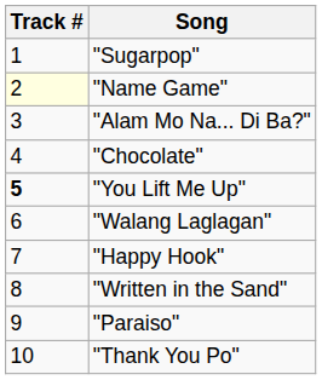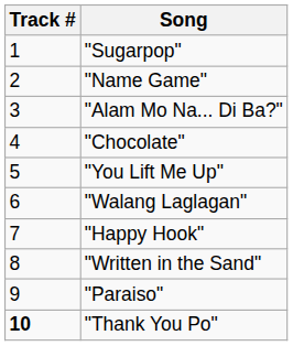 <table class="wikitable">
 <tr>
 <th>Track #</th>
 <th>Song</th>
 </tr>
 <tr>
 <td>1</td>
 <td>"Sugarpop"</td>
 </tr>
 <tr>
-<td style="background: lightyellow;">2</td>
+<td>2</td>
 <td>"Name Game"</td>
 </tr>
 <tr>
 <td>3</td>
 <td>"Alam Mo Na... Di Ba?"</td>
 </tr>
 <tr>
 <td>4</td>
 <td>"Chocolate"</td>
 </tr>
 <tr>
-<td><strong>5</strong></td>
+<td>5</td>
 <td>"You Lift Me Up"</td>
 </tr>
 <tr>
 <td>6</td>
 <td>"Walang Laglagan"</td>
 </tr>
 <tr>
 <td>7</td>
 <td>"Happy Hook"</td>
 </tr>
 <tr>
 <td>8</td>
 <td>"Written in the Sand"</td>
 </tr>
 <tr>
 <td>9</td>
 <td>"Paraiso"</td>
 </tr>
 <tr>
-<td>10</td>
+<td><strong>10</strong></td>
 <td>"Thank You Po"</td>
 </tr>
 </table>
